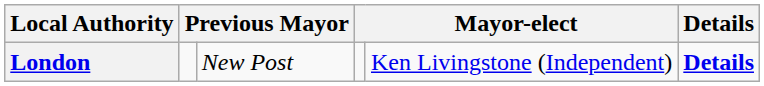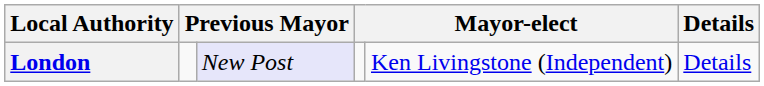 <table class="wikitable" border="1">
 <tr>
 <th scope="col">Local Authority</th>
 <th scope="col" colspan="2">Previous Mayor</th>
 <th scope="col" colspan="2">Mayor-elect</th>
 <th scope="col">Details</th>
 </tr>
 <tr>
 <th scope="row" style="text-align: left;"><a href='#'>London</a></th>
 <td></td>
-<td><em>New Post</em></td>
+<td style="background: lavender;"><em>New Post</em></td>
 <td></td>
 <td><a href='#'>Ken Livingstone</a> (<a href='#'>Independent</a>)</td>
-<td><strong><a href='#'>Details</a></strong></td>
+<td><a href='#'>Details</a></td>
 </tr>
 </table>
